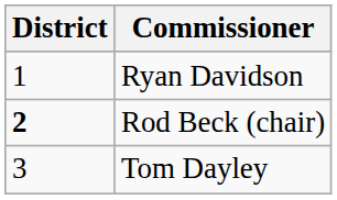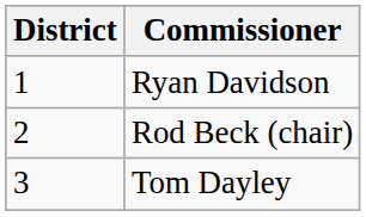 <table class="wikitable">
 <tr>
 <th>District</th>
 <th>Commissioner</th>
 </tr>
 <tr>
 <td>1</td>
 <td>Ryan Davidson</td>
 </tr>
 <tr>
-<td><strong>2</strong></td>
+<td>2</td>
 <td>Rod Beck (chair)</td>
 </tr>
 <tr>
 <td>3</td>
 <td>Tom Dayley</td>
 </tr>
 </table>
